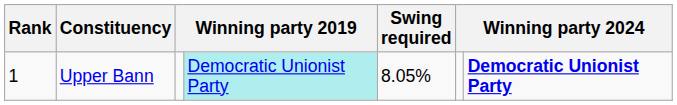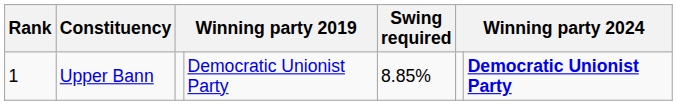 <table class="wikitable sortable">
 <tr>
 <th>Rank</th>
 <th>Constituency</th>
 <th colspan=2>Winning party 2019</th>
 <th>Swing <br>required</th>
 <th colspan=2>Winning party 2024</th>
 </tr>
 <tr>
 <td>1</td>
 <td><a href='#'>Upper Bann</a></td>
 <td class="unsortable" style="background-color: "></td>
-<td style="background: paleturquoise;"><a href='#'>Democratic Unionist Party</a></td>
-<td>8.05%</td>
+<td><a href='#'>Democratic Unionist Party</a></td>
+<td>8.85%</td>
 <td class="unsortable" style="background-color: "></td>
 <td><strong><a href='#'>Democratic Unionist Party</a></strong></td>
 </tr>
 </table>
